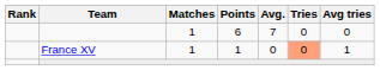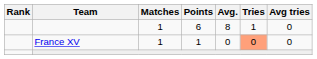 <table class="wikitable sortable" style="text-align:center">
 <tr>
 <th data-sort-type="number">Rank</th>
 <th style="width:170px;">Team</th>
 <th>Matches</th>
 <th>Points</th>
 <th>Avg.</th>
 <th>Tries</th>
 <th>Avg tries</th>
 </tr>
 <tr>
 <td></td>
 <td align=left></td>
 <td>1</td>
 <td>6</td>
-<td>7</td>
-<td>0</td>
+<td>8</td>
+<td>1</td>
 <td>0</td>
 </tr>
 <tr>
 <td></td>
 <td align=left> <a href='#'>France XV</a></td>
 <td>1</td>
 <td>1</td>
 <td>0</td>
 <td style="background: lightsalmon;">0</td>
-<td>1</td>
+<td>0</td>
 </tr>
 <tr>
 <td></td>
 <td colspan=6 style=background:#efefef></td>
 </tr>
 </table>
